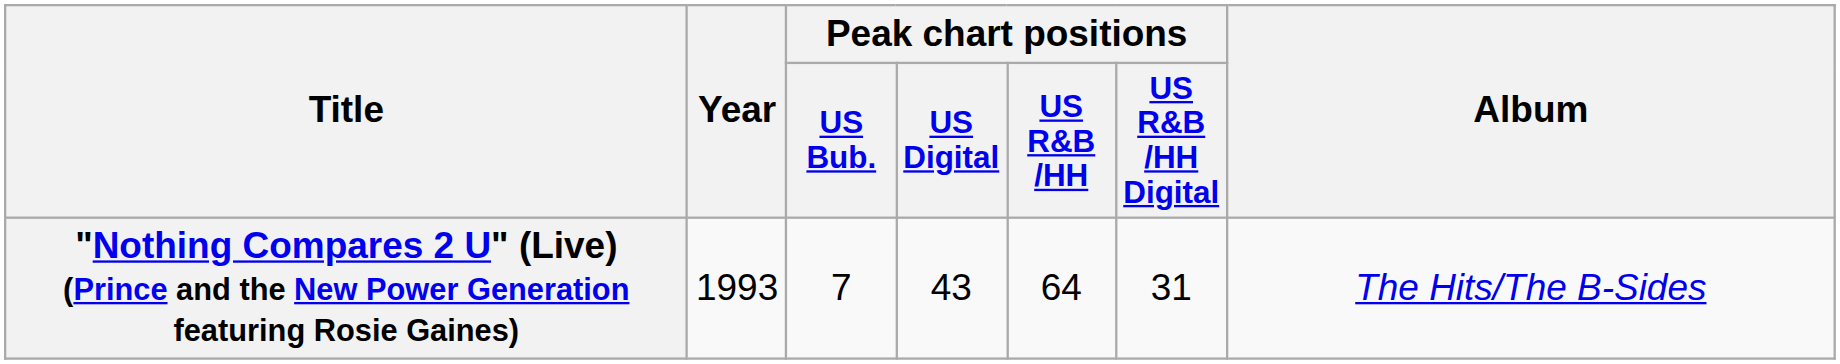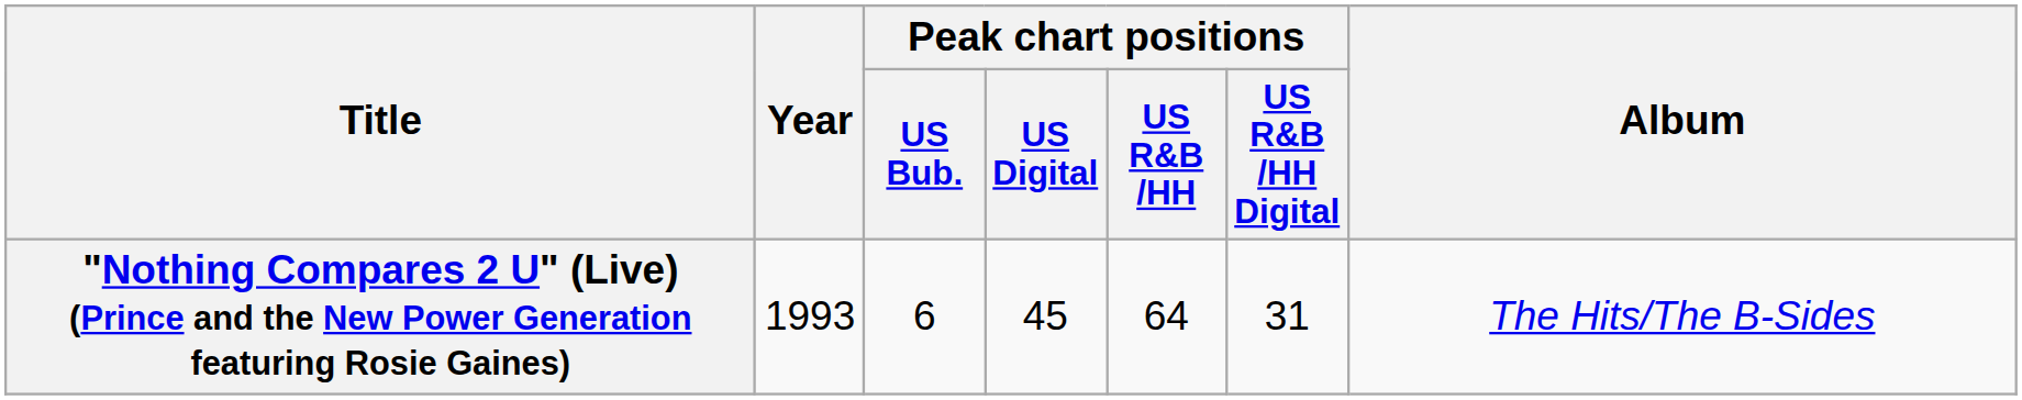 <table class="wikitable plainrowheaders" style="text-align:center">
 <tr>
 <th scope="col" rowspan="2" style="width:18em;">Title</th>
 <th scope="col" rowspan="2" style="width:1em;">Year</th>
 <th scope="col" colspan="4">Peak chart positions</th>
 <th scope="col" rowspan="2" style="width:16em;">Album</th>
 </tr>
 <tr>
 <th scope="col" style="width:3em;font-size:85%;"><a href='#'>US<br>Bub.</a><br></th>
 <th scope="col" style="width:3em;font-size:85%;"><a href='#'>US<br>Digital</a><br></th>
 <th scope="col" style="width:3em;font-size:85%;"><a href='#'>US R&B<br>/HH</a><br></th>
 <th scope="col" style="width:3em;font-size:85%;"><a href='#'>US R&B<br>/HH<br>Digital</a><br></th>
 </tr>
 <tr>
 <th scope="row">"<a href='#'>Nothing Compares 2 U</a>" (Live)<br><small>(<a href='#'>Prince</a> and the <a href='#'>New Power Generation</a> featuring Rosie Gaines)</small></th>
 <td rowspan="1">1993</td>
-<td>7</td>
-<td>43</td>
+<td>6</td>
+<td>45</td>
 <td>64</td>
 <td>31</td>
 <td rowspan="1"><em><a href='#'>The Hits/The B-Sides</a></em></td>
 </tr>
 </table>
